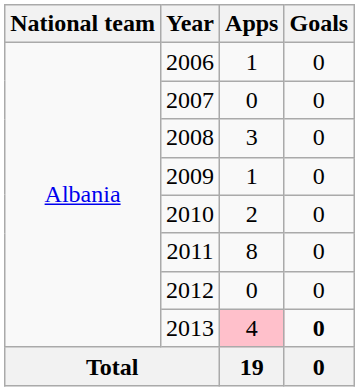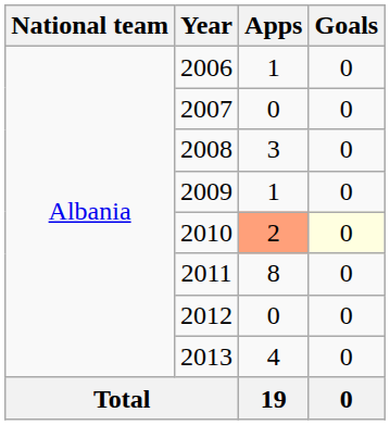 <table class=wikitable style="text-align: center;">
 <tr>
 <th>National team</th>
 <th>Year</th>
 <th>Apps</th>
 <th>Goals</th>
 </tr>
 <tr>
 <td rowspan=8><a href='#'>Albania</a></td>
 <td>2006</td>
 <td>1</td>
 <td>0</td>
 </tr>
 <tr>
 <td>2007</td>
 <td>0</td>
 <td>0</td>
 </tr>
 <tr>
 <td>2008</td>
 <td>3</td>
 <td>0</td>
 </tr>
 <tr>
 <td>2009</td>
 <td>1</td>
 <td>0</td>
 </tr>
 <tr>
 <td>2010</td>
-<td>2</td>
-<td>0</td>
+<td style="background: lightsalmon;">2</td>
+<td style="background: lightyellow;">0</td>
 </tr>
 <tr>
 <td>2011</td>
 <td>8</td>
 <td>0</td>
 </tr>
 <tr>
 <td>2012</td>
 <td>0</td>
 <td>0</td>
 </tr>
 <tr>
 <td>2013</td>
-<td style="background: pink;">4</td>
-<td><strong>0</strong></td>
+<td>4</td>
+<td>0</td>
 </tr>
 <tr>
 <th colspan=2>Total</th>
 <th>19</th>
 <th>0</th>
 </tr>
 </table>
